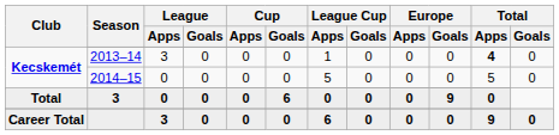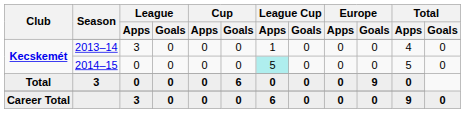 <table class="wikitable" style="font-size:90%; text-align: center;">
 <tr>
 <th rowspan="2">Club</th>
 <th rowspan="2">Season</th>
 <th colspan="2">League</th>
 <th colspan="2">Cup</th>
 <th colspan="2">League Cup</th>
 <th colspan="2">Europe</th>
 <th colspan="2">Total</th>
 </tr>
 <tr>
 <th>Apps</th>
 <th>Goals</th>
 <th>Apps</th>
 <th>Goals</th>
 <th>Apps</th>
 <th>Goals</th>
 <th>Apps</th>
 <th>Goals</th>
 <th>Apps</th>
 <th>Goals</th>
 </tr>
 <tr ||-||-||-|->
 <td rowspan="4" valign="center"><strong><a href='#'>Kecskemét</a></strong></td>
 </tr>
 <tr>
 <td><a href='#'>2013–14</a></td>
 <td>3</td>
 <td>0</td>
 <td>0</td>
 <td>0</td>
 <td>1</td>
 <td>0</td>
 <td>0</td>
 <td>0</td>
-<td><strong>4</strong></td>
+<td>4</td>
 <td>0</td>
 </tr>
 <tr>
 <td><a href='#'>2014–15</a></td>
 <td>0</td>
 <td>0</td>
 <td>0</td>
 <td>0</td>
-<td>5</td>
+<td style="background: paleturquoise;">5</td>
 <td>0</td>
 <td>0</td>
 <td>0</td>
 <td>5</td>
 <td>0</td>
 </tr>
 <tr>
 </tr>
 <tr style="font-weight:bold; background-color:#eeeeee;">
 <td>Total</td>
 <td>3</td>
 <td>0</td>
 <td>0</td>
 <td>0</td>
 <td>6</td>
 <td>0</td>
 <td>0</td>
 <td>0</td>
 <td>9</td>
 <td>0</td>
 </tr>
 <tr>
 </tr>
 <tr style="font-weight:bold; background-color:#eeeeee;">
 <td rowspan="2" valign="top"><strong>Career Total</strong></td>
 <td></td>
 <td><strong>3</strong></td>
 <td><strong>0</strong></td>
 <td><strong>0</strong></td>
 <td><strong>0</strong></td>
 <td><strong>6</strong></td>
 <td><strong>0</strong></td>
 <td><strong>0</strong></td>
 <td><strong>0</strong></td>
 <td><strong>9</strong></td>
 <td><strong>0</strong></td>
 </tr>
 </table>
